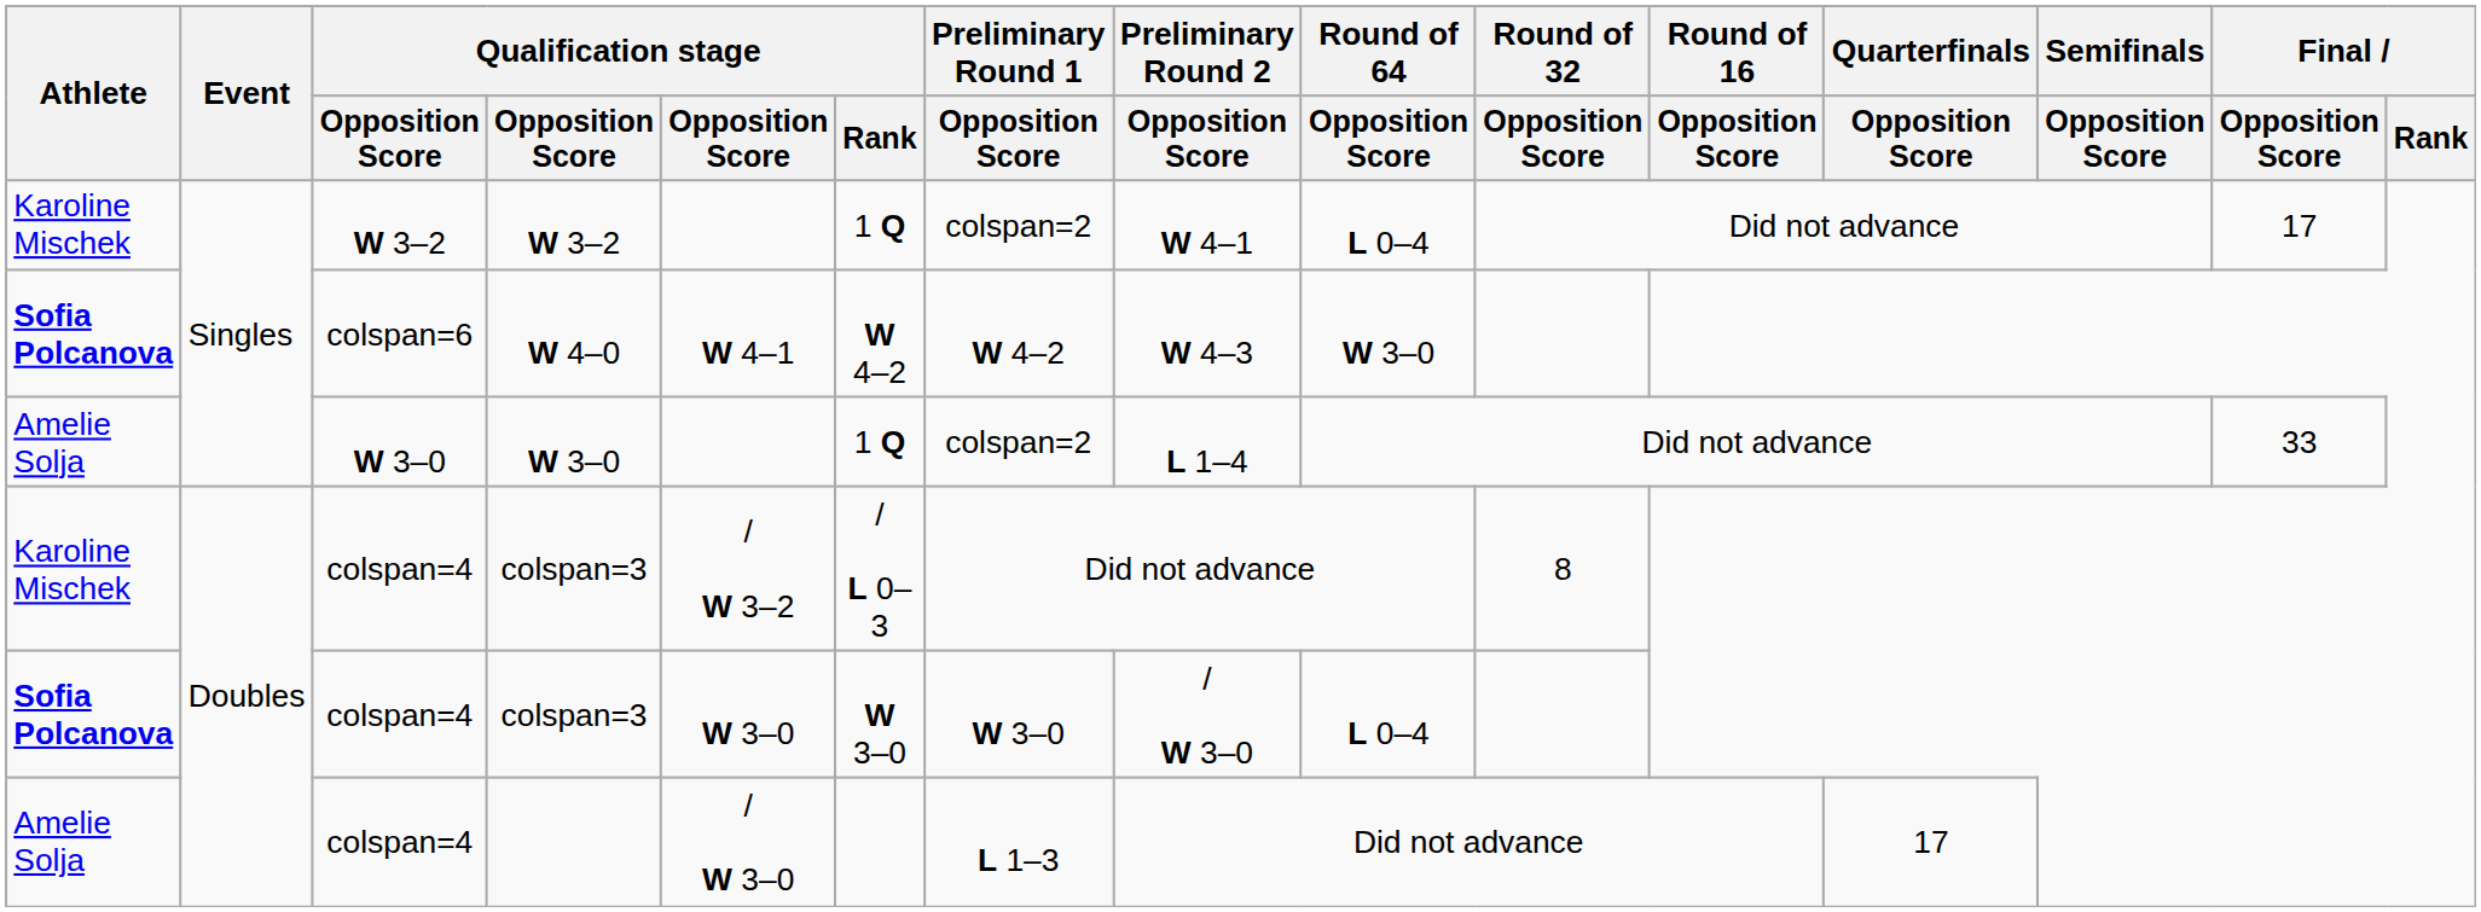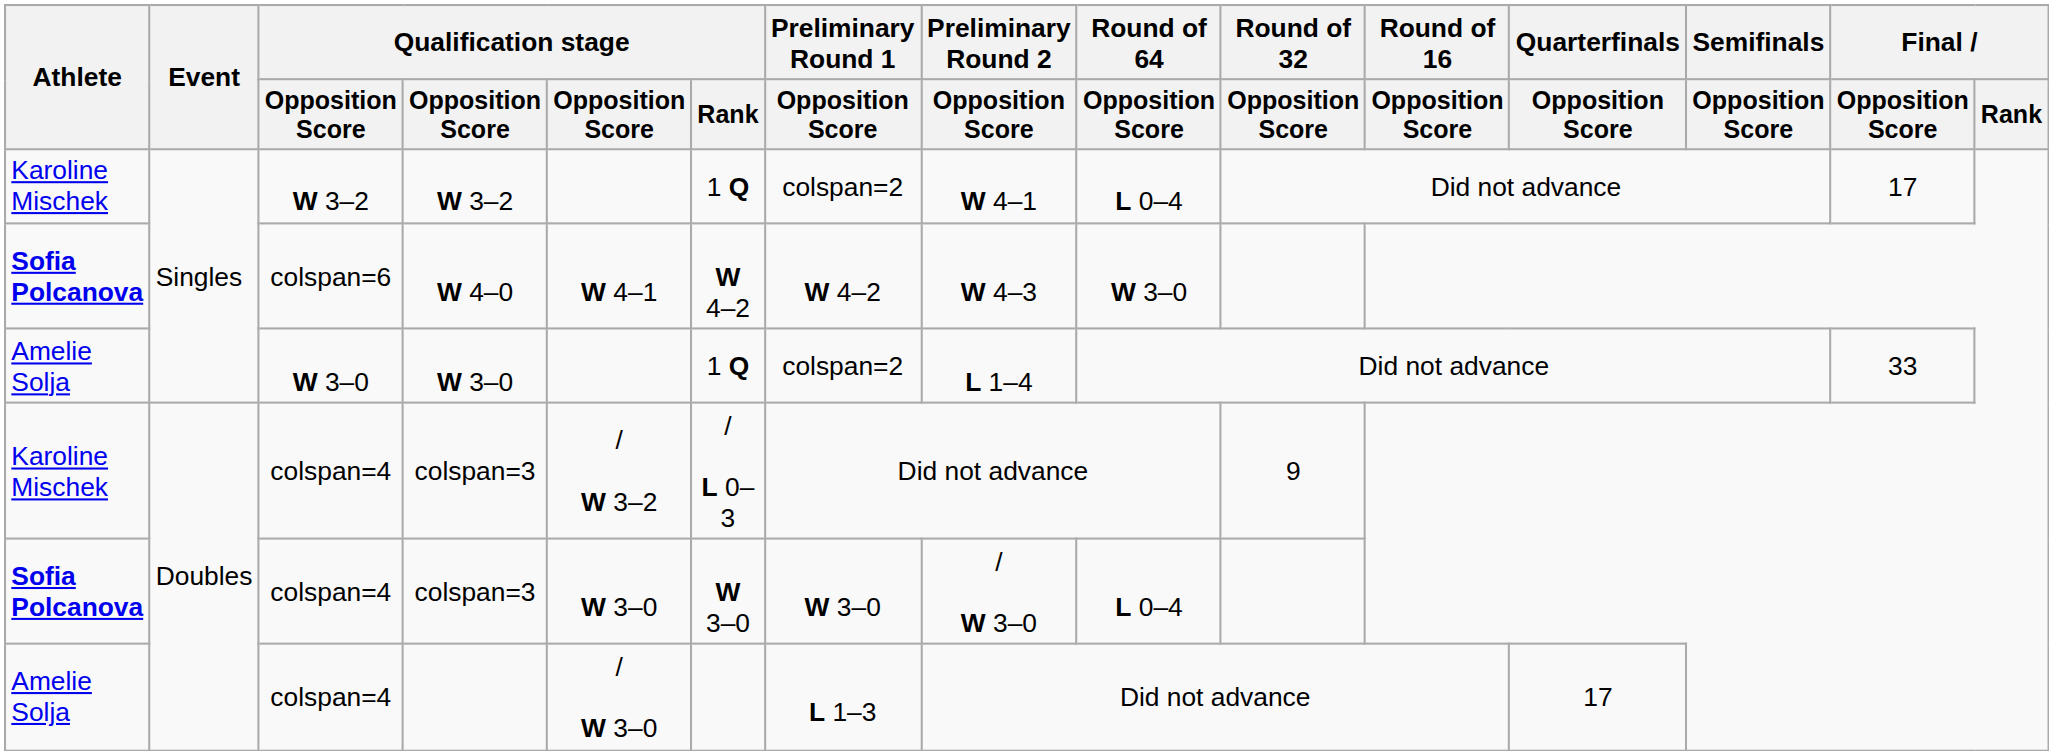 <table class=wikitable style=font-size:80%;text-align:center>
 <tr>
 <th rowspan=2>Athlete</th>
 <th rowspan=2>Event</th>
 <th colspan=4>Qualification stage</th>
 <th>Preliminary Round 1</th>
 <th>Preliminary Round 2</th>
 <th>Round of 64</th>
 <th>Round of 32</th>
 <th>Round of 16</th>
 <th>Quarterfinals</th>
 <th>Semifinals</th>
 <th colspan=2>Final / </th>
 </tr>
 <tr style=font-size:95%>
 <th>Opposition<br>Score</th>
 <th>Opposition<br>Score</th>
 <th>Opposition<br>Score</th>
 <th>Rank</th>
 <th>Opposition<br>Score</th>
 <th>Opposition<br>Score</th>
 <th>Opposition<br>Score</th>
 <th>Opposition<br>Score</th>
 <th>Opposition<br>Score</th>
 <th>Opposition<br>Score</th>
 <th>Opposition<br>Score</th>
 <th>Opposition<br>Score</th>
 <th>Rank</th>
 </tr>
 <tr>
 <td align=left><a href='#'>Karoline Mischek</a></td>
 <td align=left rowspan=3>Singles</td>
 <td><br><strong>W</strong> 3–2</td>
 <td><br><strong>W</strong> 3–2</td>
 <td></td>
 <td>1 <strong>Q</strong></td>
 <td>colspan=2</td>
 <td><br><strong>W</strong> 4–1</td>
 <td><br><strong>L</strong> 0–4</td>
 <td colspan=4>Did not advance</td>
 <td>17</td>
 </tr>
 <tr>
 <td align=left><strong><a href='#'>Sofia Polcanova</a></strong></td>
 <td>colspan=6</td>
 <td><br><strong>W</strong> 4–0</td>
 <td><br><strong>W</strong> 4–1</td>
 <td><br><strong>W</strong> 4–2</td>
 <td><br><strong>W</strong> 4–2</td>
 <td><br><strong>W</strong> 4–3</td>
 <td><br><strong>W</strong> 3–0</td>
 <td></td>
 </tr>
 <tr>
 <td align=left><a href='#'>Amelie Solja</a></td>
 <td><br><strong>W</strong> 3–0</td>
 <td><br><strong>W</strong> 3–0</td>
 <td></td>
 <td>1 <strong>Q</strong></td>
 <td>colspan=2</td>
 <td><br><strong>L</strong> 1–4</td>
 <td colspan=5>Did not advance</td>
 <td>33</td>
 </tr>
 <tr>
 <td align=left><a href='#'>Karoline Mischek</a><br></td>
 <td rowspan=3>Doubles</td>
 <td>colspan=4</td>
 <td>colspan=3</td>
 <td> /<br><br><strong>W</strong> 3–2</td>
 <td> /<br><br><strong>L</strong> 0–3</td>
 <td colspan=3>Did not advance</td>
-<td>8</td>
+<td>9</td>
 </tr>
 <tr>
 <td align=left><strong><a href='#'>Sofia Polcanova</a><br></strong></td>
 <td>colspan=4</td>
 <td>colspan=3</td>
 <td><br><strong>W</strong> 3–0</td>
 <td><br><strong>W</strong> 3–0</td>
 <td><br><strong>W</strong> 3–0</td>
 <td> /<br><br><strong>W</strong> 3–0</td>
 <td><br><strong>L</strong> 0–4</td>
 <td></td>
 </tr>
 <tr>
 <td align=left><a href='#'>Amelie Solja</a><br></td>
 <td>colspan=4</td>
 <td></td>
 <td> /<br><br><strong>W</strong> 3–0</td>
 <td></td>
 <td><br><strong>L</strong> 1–3</td>
 <td colspan=4>Did not advance</td>
 <td>17</td>
 </tr>
 </table>
